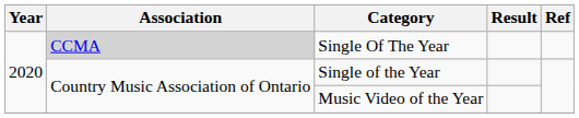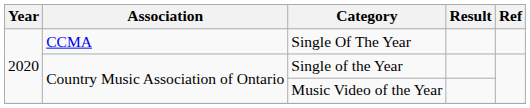 <table class="wikitable">
 <tr>
 <th>Year</th>
 <th>Association</th>
 <th>Category</th>
 <th>Result</th>
 <th>Ref</th>
 </tr>
 <tr>
 <td rowspan="3">2020</td>
-<td style="background: lightgrey;"><a href='#'>CCMA</a></td>
+<td><a href='#'>CCMA</a></td>
 <td>Single Of The Year</td>
 <td></td>
 <td></td>
 </tr>
 <tr>
 <td rowspan="2">Country Music Association of Ontario</td>
 <td>Single of the Year</td>
 <td></td>
 <td rowspan="2"></td>
 </tr>
 <tr>
 <td>Music Video of the Year</td>
 <td></td>
 </tr>
 <tr>
 </tr>
 </table>
